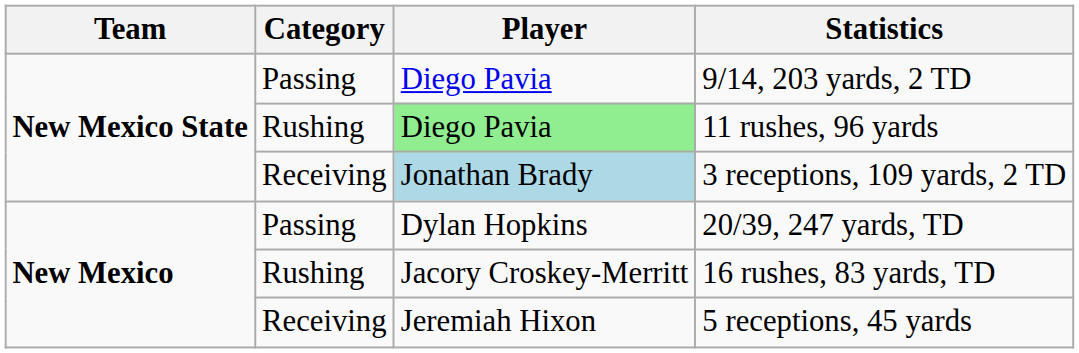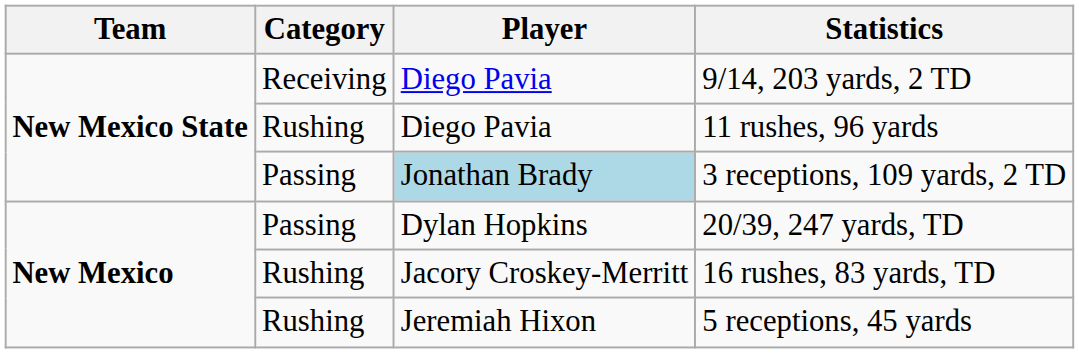 <table class="wikitable" style="float: right;">
 <tr>
 <th>Team</th>
 <th>Category</th>
 <th>Player</th>
 <th>Statistics</th>
 </tr>
 <tr>
 <td rowspan=3><strong>New Mexico State</strong></td>
-<td>Passing</td>
+<td>Receiving</td>
 <td><a href='#'>Diego Pavia</a></td>
 <td>9/14, 203 yards, 2 TD</td>
 </tr>
 <tr>
 <td>Rushing</td>
-<td style="background: lightgreen;">Diego Pavia</td>
+<td>Diego Pavia</td>
 <td>11 rushes, 96 yards</td>
 </tr>
 <tr>
-<td>Receiving</td>
+<td>Passing</td>
 <td style="background: lightblue;">Jonathan Brady</td>
 <td>3 receptions, 109 yards, 2 TD</td>
 </tr>
 <tr>
 <td rowspan=3><strong>New Mexico</strong></td>
 <td>Passing</td>
 <td>Dylan Hopkins</td>
 <td>20/39, 247 yards, TD</td>
 </tr>
 <tr>
 <td>Rushing</td>
 <td>Jacory Croskey-Merritt</td>
 <td>16 rushes, 83 yards, TD</td>
 </tr>
 <tr>
-<td>Receiving</td>
+<td>Rushing</td>
 <td>Jeremiah Hixon</td>
 <td>5 receptions, 45 yards</td>
 </tr>
 </table>
